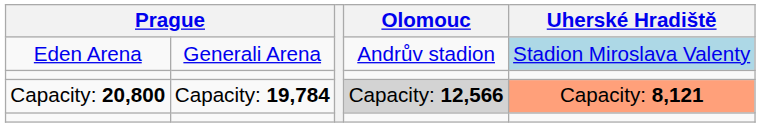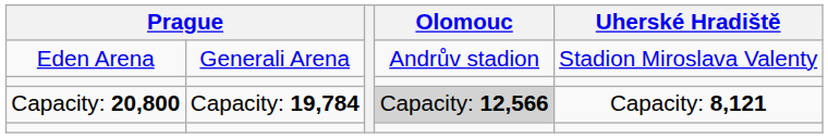 <table class="wikitable" style="margin:1em auto; text-align:center;">
 <tr>
 <th colspan=2><a href='#'>Prague</a></th>
 <th rowspan="5" style="text-align:center;"></th>
 <th><a href='#'>Olomouc</a></th>
 <th><a href='#'>Uherské Hradiště</a></th>
 </tr>
 <tr>
 <td><a href='#'>Eden Arena</a></td>
 <td><a href='#'>Generali Arena</a></td>
 <td><a href='#'>Andrův stadion</a></td>
-<td style="background: lightblue;"><a href='#'>Stadion Miroslava Valenty</a></td>
+<td><a href='#'>Stadion Miroslava Valenty</a></td>
 </tr>
 <tr>
 <td></td>
 <td></td>
 <td></td>
 <td></td>
 </tr>
 <tr>
 <td>Capacity: <strong>20,800</strong></td>
 <td>Capacity: <strong>19,784</strong></td>
 <td style="background: lightgrey;">Capacity: <strong>12,566</strong></td>
-<td style="background: lightsalmon;">Capacity: <strong>8,121</strong></td>
+<td>Capacity: <strong>8,121</strong></td>
 </tr>
 <tr>
 <td></td>
 <td></td>
 <td></td>
 <td></td>
 </tr>
 </table>
